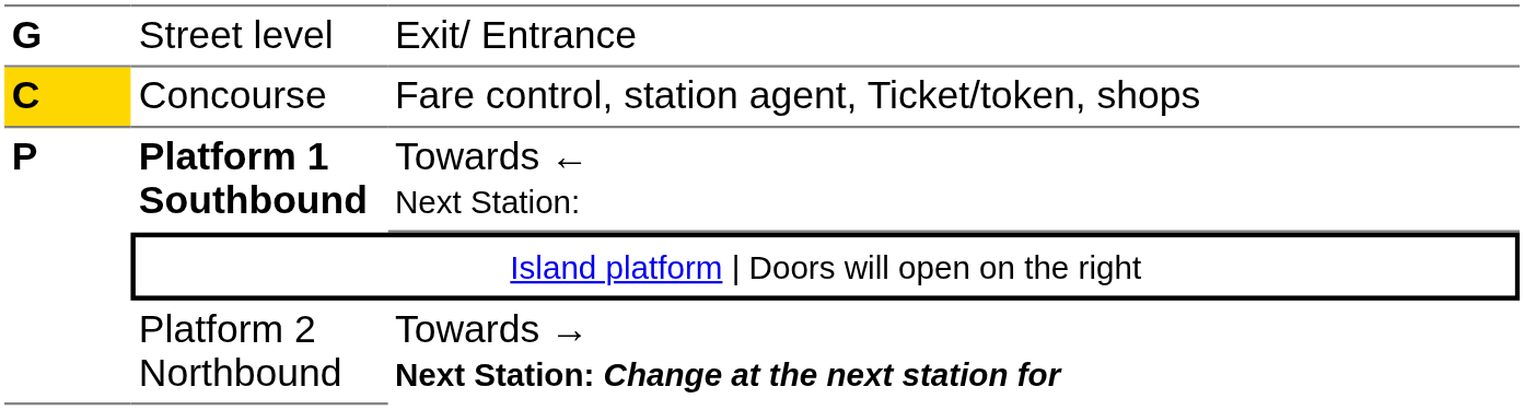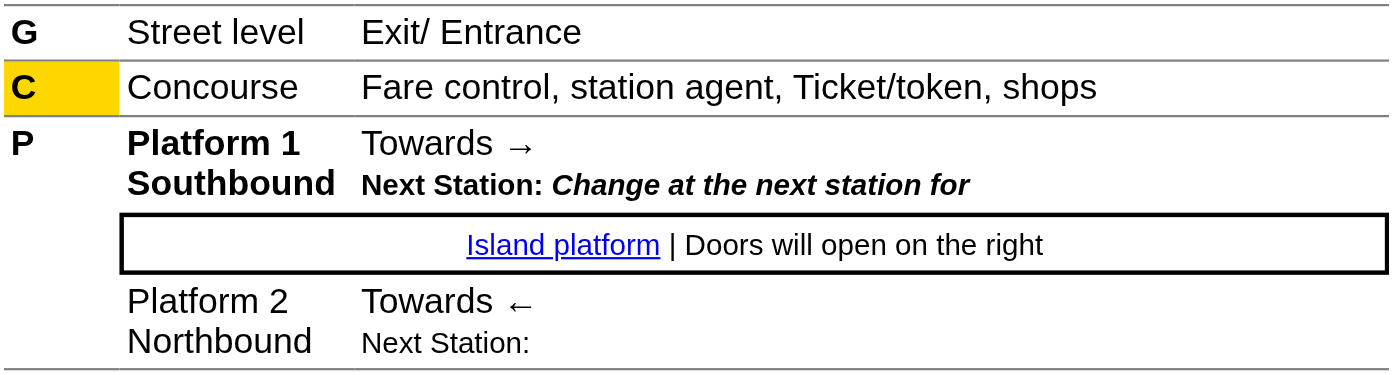 <table table border=0 cellspacing=0 cellpadding=3>
 <tr>
 <td style="border-top:solid 1px grey;border-bottom:solid 1px grey;" width=50 valign=top><strong>G</strong></td>
 <td style="border-top:solid 1px grey;border-bottom:solid 1px grey;" width=100 valign=top>Street level</td>
 <td style="border-top:solid 1px grey;border-bottom:solid 1px grey;" width=500 valign=top>Exit/ Entrance</td>
 </tr>
 <tr>
 <td style="background: gold; border-bottom:solid 1px grey;"><strong>C</strong></td>
 <td style="border-bottom:solid 1px grey;">Concourse</td>
 <td style="border-bottom:solid 1px grey;">Fare control, station agent, Ticket/token, shops</td>
 </tr>
 <tr>
 <td style="border-bottom:solid 1px grey;" width=50 rowspan=3 valign=top><strong>P</strong></td>
 <td style="border-bottom:solid 1px white;" width=100><span><strong>Platform 1</strong><br><strong>Southbound</strong></span></td>
-<td style="border-bottom:solid 1px grey;" width="500">Towards ← <br><small></strong>Next Station:<strong> </small></td>
+<td style="border-bottom:solid 1px white;" width=500>Towards → <br><small><strong>Next Station:</strong> </small> <small><strong><em>Change at the next station for <strong><em></small></td>
 </tr>
 <tr>
 <td style="border-top:solid 2px black;border-right:solid 2px black;border-left:solid 2px black;border-bottom:solid 2px black;text-align:center;" colspan=2><small><a href='#'>Island platform</a> | Doors will open on the right </small></td>
 </tr>
 <tr>
 <td style="border-bottom:solid 1px grey;" width=100><span></strong>Platform 2<strong><br></strong>Northbound<strong></span></td>
-<td style="border-bottom:solid 1px white;" width=500>Towards → <br><small><strong>Next Station:</strong> </small> <small><strong><em>Change at the next station for <strong><em></small></td>
+<td style="border-bottom:solid 1px grey;" width="500">Towards ← <br><small></strong>Next Station:<strong> </small></td>
 </tr>
 </table>
